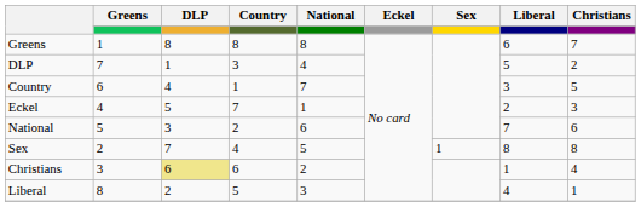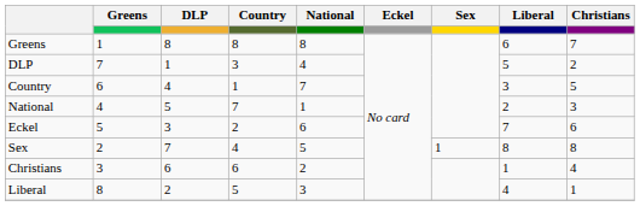 <table class="wikitable">
 <tr>
 <th width="100px" rowspan="2"></th>
 <th !  width="75px">Greens</th>
 <th ! width="75px">DLP</th>
 <th !  width="75px">Country</th>
 <th ! width="75px">National</th>
 <th !  width="75px">Eckel</th>
 <th ! width="75px">Sex</th>
 <th !  width="75px">Liberal</th>
 <th ! width="75px">Christians</th>
 </tr>
 <tr>
 <th style="height:2px; background:#10C25B;"></th>
 <th style="background:#EEAF30;"></th>
 <th style="background:#556B2F;"></th>
 <th style="background:#008000;"></th>
 <th style="background:#9C9C9C;"></th>
 <th style="background:#FFD700;"></th>
 <th style="background:#000080;"></th>
 <th style="background:#800080;"></th>
 </tr>
 <tr>
 <td>Greens</td>
 <td>1</td>
 <td>8</td>
 <td>8</td>
 <td>8</td>
 <td rowspan="8"><div><em>No card</em></div></td>
 <td rowspan="5"></td>
 <td>6</td>
 <td>7</td>
 </tr>
 <tr>
 <td>DLP</td>
 <td>7</td>
 <td>1</td>
 <td>3</td>
 <td>4</td>
 <td>5</td>
 <td>2</td>
 </tr>
 <tr>
 <td>Country</td>
 <td>6</td>
 <td>4</td>
 <td>1</td>
 <td>7</td>
 <td>3</td>
 <td>5</td>
 </tr>
 <tr>
-<td>Eckel</td>
+<td>National</td>
 <td>4</td>
 <td>5</td>
 <td>7</td>
 <td>1</td>
 <td>2</td>
 <td>3</td>
 </tr>
 <tr>
-<td>National</td>
+<td>Eckel</td>
 <td>5</td>
 <td>3</td>
 <td>2</td>
 <td>6</td>
 <td>7</td>
 <td>6</td>
 </tr>
 <tr>
 <td>Sex</td>
 <td>2</td>
 <td>7</td>
 <td>4</td>
 <td>5</td>
 <td>1</td>
 <td>8</td>
 <td>8</td>
 </tr>
 <tr>
 <td>Christians</td>
 <td>3</td>
-<td style="background: khaki;">6</td>
+<td>6</td>
 <td>6</td>
 <td>2</td>
 <td rowspan="2"></td>
 <td>1</td>
 <td>4</td>
 </tr>
 <tr>
 <td>Liberal</td>
 <td>8</td>
 <td>2</td>
 <td>5</td>
 <td>3</td>
 <td>4</td>
 <td>1</td>
 </tr>
 <tr>
 </tr>
 </table>
